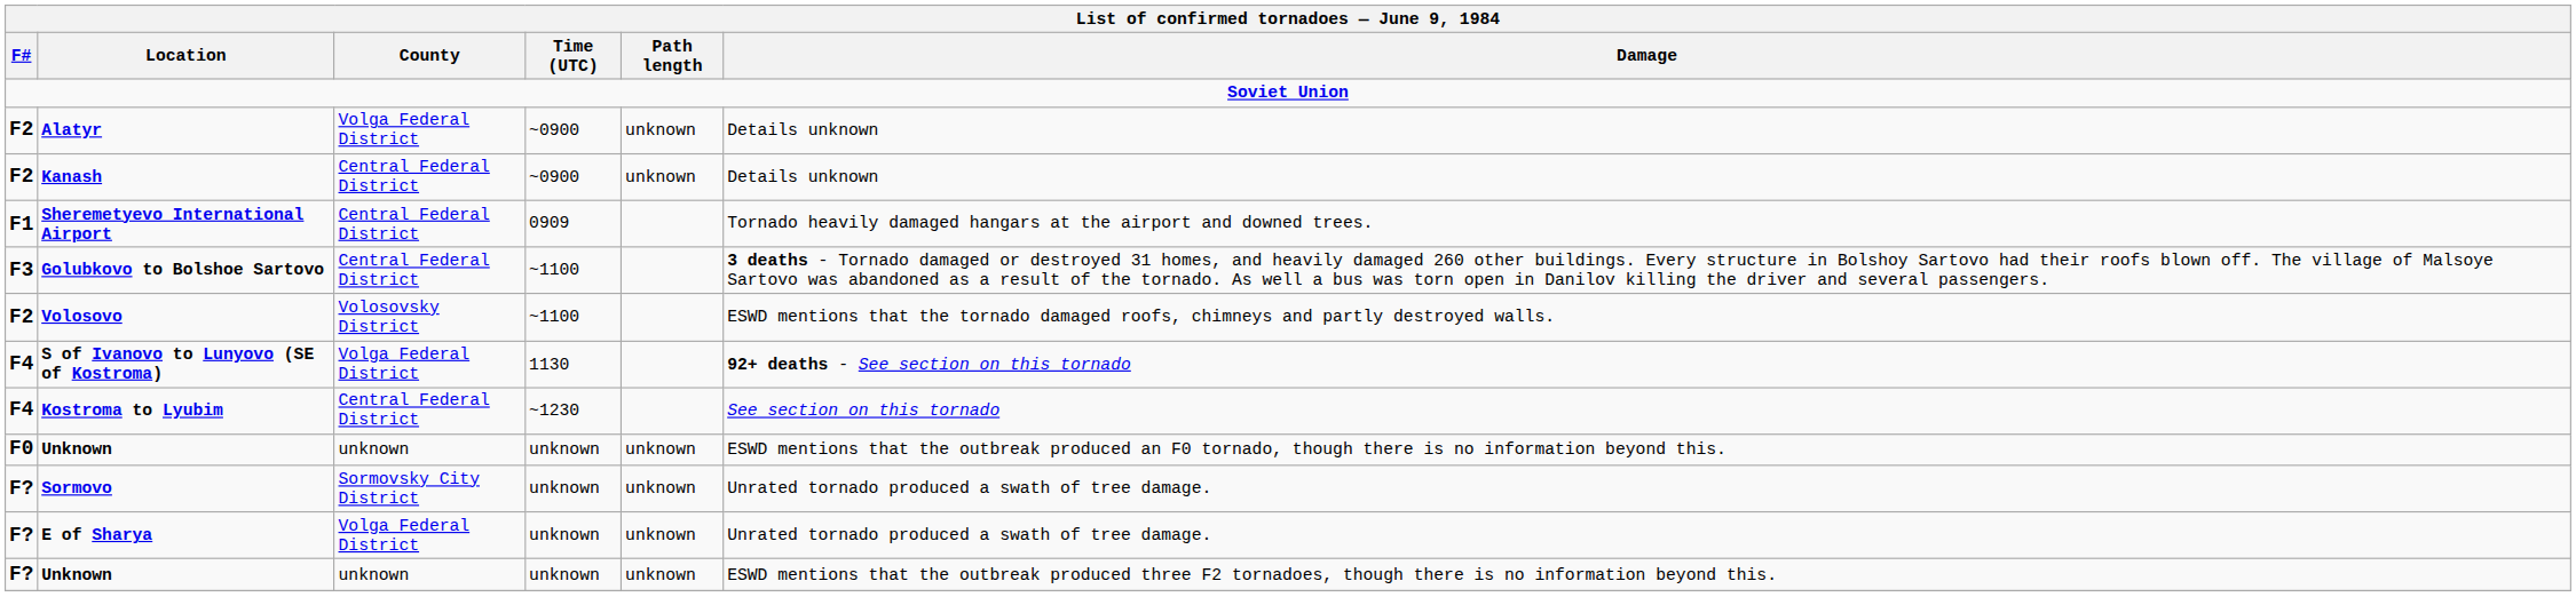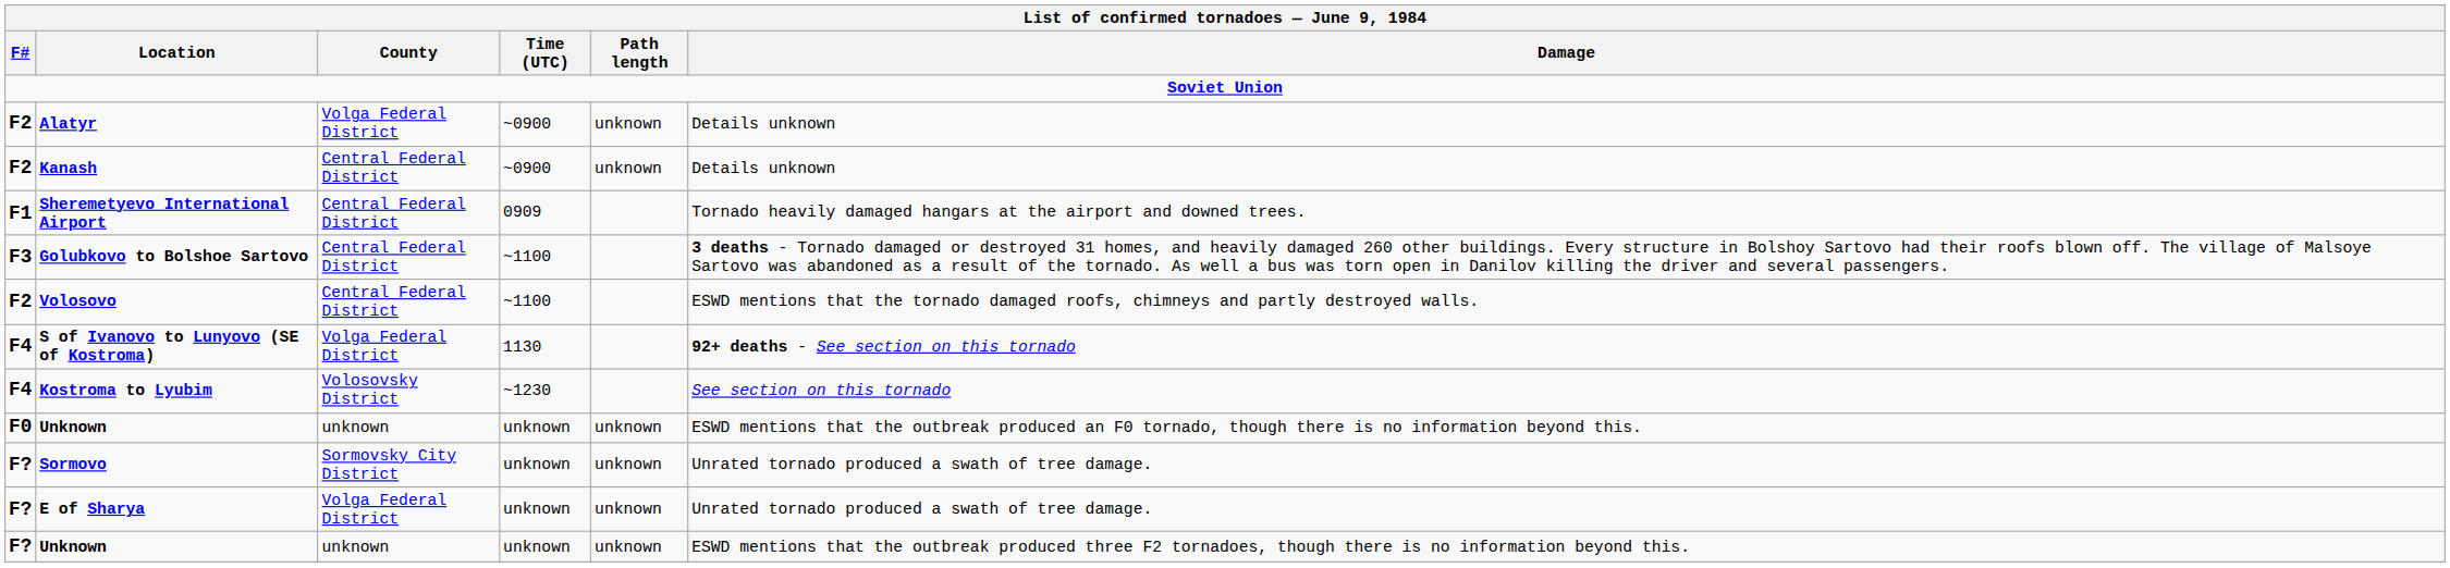 <table class="wikitable collapsible" width="100%">
 <tr>
 <th colspan="6">List of confirmed tornadoes — June 9, 1984</th>
 </tr>
 <tr>
 <th><a href='#'>F#</a></th>
 <th>Location</th>
 <th>County</th>
 <th>Time (UTC)</th>
 <th>Path length</th>
 <th>Damage</th>
 </tr>
 <tr>
 <td colspan="7" align=center><strong><a href='#'>Soviet Union</a></strong></td>
 </tr>
 <tr>
 <td><big><strong>F2</strong></big></td>
 <td><strong><a href='#'>Alatyr</a></strong></td>
 <td><a href='#'>Volga Federal District</a></td>
 <td>~0900</td>
 <td>unknown</td>
 <td>Details unknown</td>
 </tr>
 <tr>
 <td><big><strong>F2</strong></big></td>
 <td><strong><a href='#'>Kanash</a></strong></td>
 <td><a href='#'>Central Federal District</a></td>
 <td>~0900</td>
 <td>unknown</td>
 <td>Details unknown</td>
 </tr>
 <tr>
 <td><big><strong>F1</strong></big></td>
 <td><strong><a href='#'>Sheremetyevo International Airport</a></strong></td>
 <td><a href='#'>Central Federal District</a></td>
 <td>0909</td>
 <td></td>
 <td>Tornado heavily damaged hangars at the airport and downed trees.</td>
 </tr>
 <tr>
 <td><big><strong>F3</strong></big></td>
 <td><strong><a href='#'>Golubkovo</a></strong> <strong>to Bolshoe Sartovo</strong></td>
 <td><a href='#'>Central Federal District</a></td>
 <td>~1100</td>
 <td></td>
 <td><strong>3 deaths</strong> - Tornado damaged or destroyed 31 homes, and heavily damaged 260 other buildings. Every structure in Bolshoy Sartovo had their roofs blown off. The village of Malsoye Sartovo was abandoned as a result of the tornado. As well a bus was torn open in Danilov killing the driver and several passengers.</td>
 </tr>
 <tr>
 <td><big><strong>F2</strong></big></td>
 <td><strong><a href='#'>Volosovo</a></strong></td>
-<td><a href='#'>Volosovsky District</a></td>
+<td><a href='#'>Central Federal District</a></td>
 <td>~1100</td>
 <td></td>
 <td>ESWD mentions that the tornado damaged roofs, chimneys and partly destroyed walls.</td>
 </tr>
 <tr>
 <td><big><strong>F4</strong></big></td>
 <td><strong>S of <a href='#'>Ivanovo</a> to <a href='#'>Lunyovo</a> (SE of <a href='#'>Kostroma</a>)</strong></td>
 <td><a href='#'>Volga Federal District</a></td>
 <td>1130</td>
 <td></td>
 <td><strong>92+ deaths</strong> - <em><a href='#'>See section on this tornado</a></em></td>
 </tr>
 <tr>
 <td><big><strong>F4</strong></big></td>
 <td><strong><a href='#'>Kostroma</a> to <a href='#'>Lyubim</a></strong></td>
-<td><a href='#'>Central Federal District</a></td>
+<td><a href='#'>Volosovsky District</a></td>
 <td>~1230</td>
 <td></td>
 <td><em><a href='#'>See section on this tornado</a></em></td>
 </tr>
 <tr>
 <td><big><strong>F0</strong></big></td>
 <td><strong>Unknown</strong></td>
 <td>unknown</td>
 <td>unknown</td>
 <td>unknown</td>
 <td>ESWD mentions that the outbreak produced an F0 tornado, though there is no information beyond this.</td>
 </tr>
 <tr>
 <td><big><strong>F?</strong></big></td>
 <td><strong><a href='#'>Sormovo</a></strong></td>
 <td><a href='#'>Sormovsky City District</a></td>
 <td>unknown</td>
 <td>unknown</td>
 <td>Unrated tornado produced a swath of tree damage.</td>
 </tr>
 <tr>
 <td><big><strong>F?</strong></big></td>
 <td><strong>E of <a href='#'>Sharya</a></strong></td>
 <td><a href='#'>Volga Federal District</a></td>
 <td>unknown</td>
 <td>unknown</td>
 <td>Unrated tornado produced a swath of tree damage.</td>
 </tr>
 <tr>
 <td><big><strong>F?</strong></big></td>
 <td><strong>Unknown</strong></td>
 <td>unknown</td>
 <td>unknown</td>
 <td>unknown</td>
 <td>ESWD mentions that the outbreak produced three F2 tornadoes, though there is no information beyond this.</td>
 </tr>
 <tr>
 </tr>
 </table>
